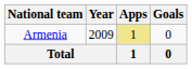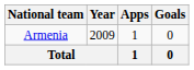 <table class="wikitable" style="text-align:center">
 <tr>
 <th>National team</th>
 <th>Year</th>
 <th>Apps</th>
 <th>Goals</th>
 </tr>
 <tr>
 <td rowspan="1"><a href='#'>Armenia</a></td>
 <td>2009</td>
-<td style="background: khaki;">1</td>
+<td>1</td>
 <td>0</td>
 </tr>
 <tr>
 <th colspan="2">Total</th>
 <th>1</th>
 <th>0</th>
 </tr>
 </table>
